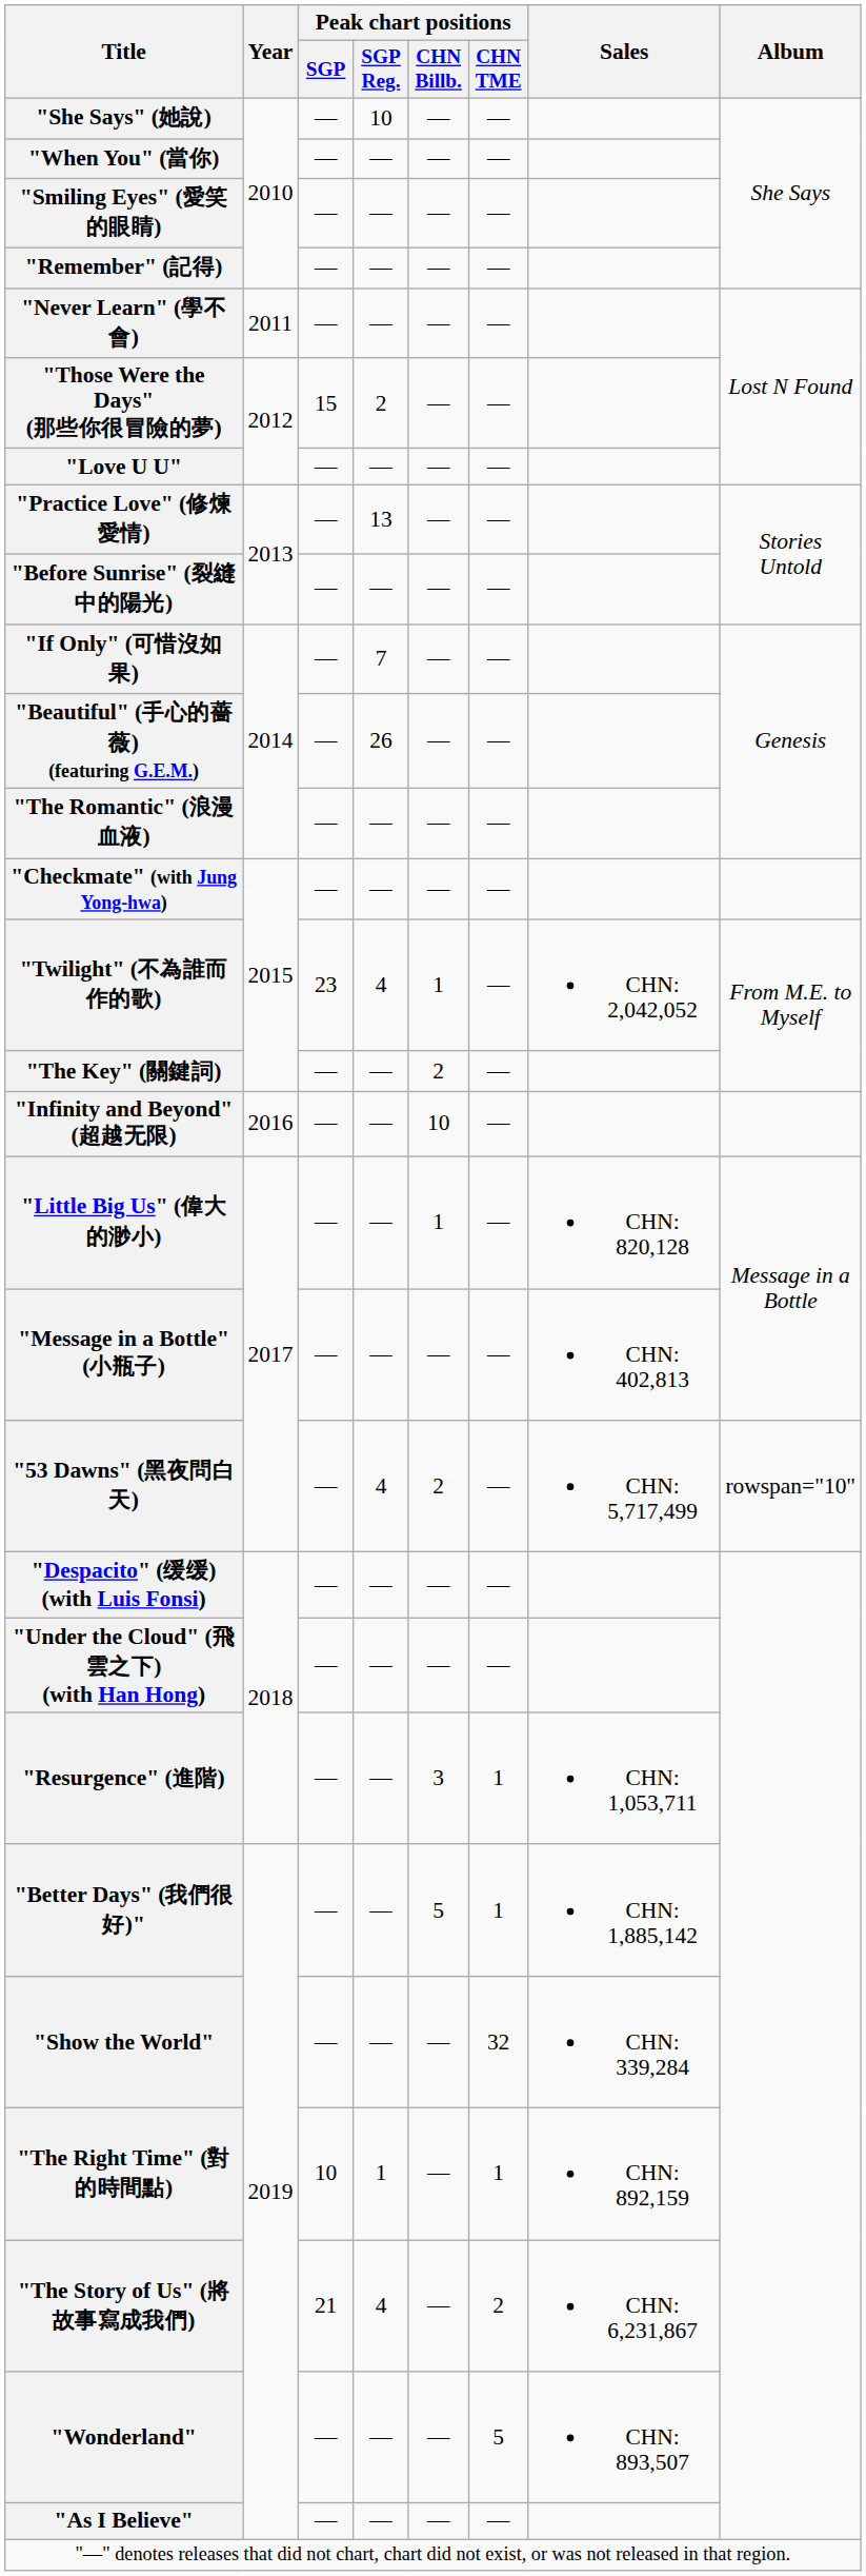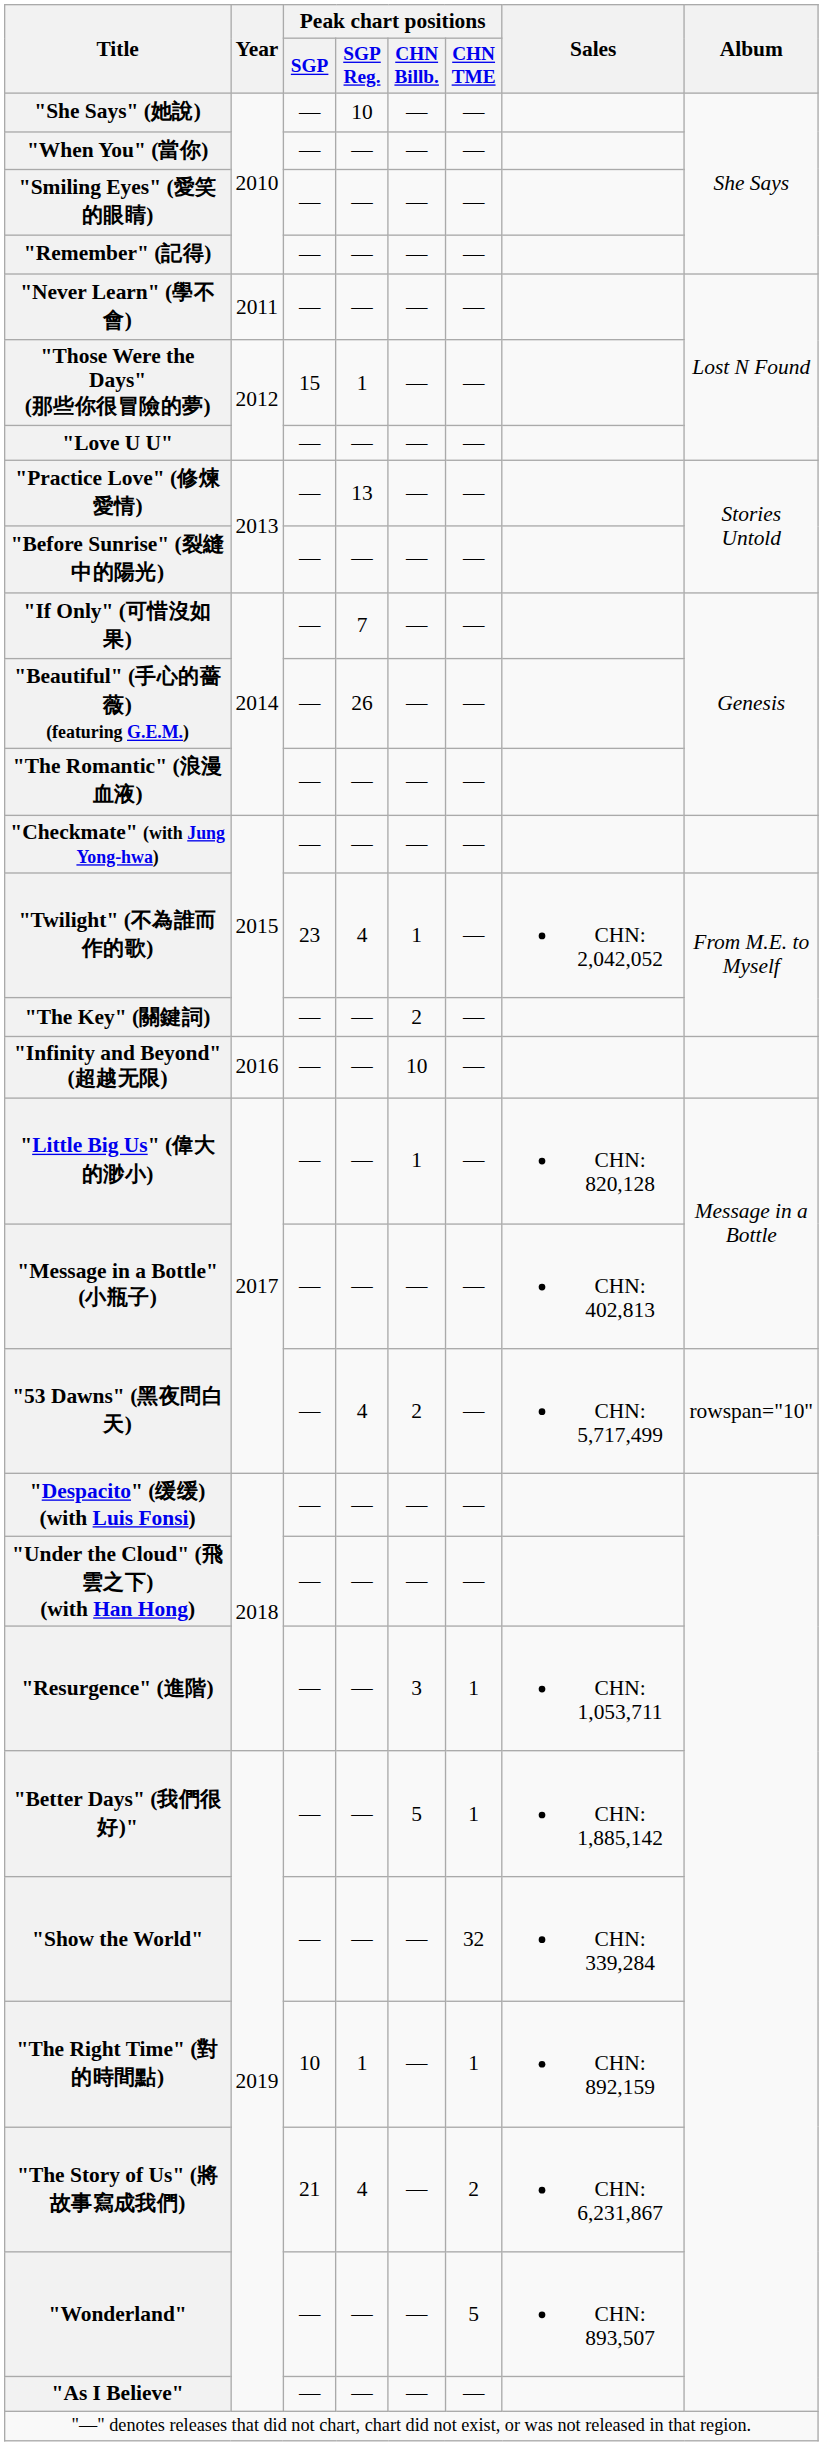 <table class="wikitable plainrowheaders" style="text-align:center;">
 <tr>
 <th rowspan="2" scope="col" style="width:17em;">Title</th>
 <th rowspan="2">Year</th>
 <th colspan="4">Peak chart positions</th>
 <th rowspan="2" scope="col" style="width:11em;">Sales</th>
 <th rowspan="2">Album</th>
 </tr>
 <tr>
 <th scope="col" style="width:2.85em;font-size:90%;"><a href='#'>SGP</a><br></th>
 <th scope="col" style="width:2.85em;font-size:90%;"><a href='#'>SGP Reg.</a><br></th>
 <th scope="col" style="width:2.85em;font-size:90%;"><a href='#'>CHN Billb.</a><br></th>
 <th scope="col" style="width:2.85em;font-size:90%;"><a href='#'>CHN TME</a><br></th>
 </tr>
 <tr>
 <th scope="row">"She Says" (她說)</th>
 <td rowspan="4">2010</td>
 <td>—</td>
 <td>10</td>
 <td>—</td>
 <td>—</td>
 <td></td>
 <td rowspan="4"><em>She Says</em></td>
 </tr>
 <tr>
 <th scope="row">"When You" (當你)</th>
 <td>—</td>
 <td>—</td>
 <td>—</td>
 <td>—</td>
 <td></td>
 </tr>
 <tr>
 <th scope="row">"Smiling Eyes" (愛笑的眼睛)</th>
 <td>—</td>
 <td>—</td>
 <td>—</td>
 <td>—</td>
 <td></td>
 </tr>
 <tr>
 <th scope="row">"Remember" (記得)</th>
 <td>—</td>
 <td>—</td>
 <td>—</td>
 <td>—</td>
 <td></td>
 </tr>
 <tr>
 <th scope="row">"Never Learn" (學不會)</th>
 <td>2011</td>
 <td>—</td>
 <td>—</td>
 <td>—</td>
 <td>—</td>
 <td></td>
 <td rowspan="3"><em>Lost N Found</em></td>
 </tr>
 <tr>
 <th scope="row">"Those Were the Days"<br>(那些你很冒險的夢)</th>
 <td rowspan="2">2012</td>
 <td>15</td>
-<td>2</td>
+<td>1</td>
 <td>—</td>
 <td>—</td>
 <td></td>
 </tr>
 <tr>
 <th scope="row">"Love U U"</th>
 <td>—</td>
 <td>—</td>
 <td>—</td>
 <td>—</td>
 <td></td>
 </tr>
 <tr>
 <th scope="row">"Practice Love" (修煉愛情)</th>
 <td rowspan="2">2013</td>
 <td>—</td>
 <td>13</td>
 <td>—</td>
 <td>—</td>
 <td></td>
 <td rowspan="2"><em>Stories Untold</em></td>
 </tr>
 <tr>
 <th scope="row">"Before Sunrise" (裂縫中的陽光)</th>
 <td>—</td>
 <td>—</td>
 <td>—</td>
 <td>—</td>
 <td></td>
 </tr>
 <tr>
 <th scope="row">"If Only" (可惜沒如果)</th>
 <td rowspan="3">2014</td>
 <td>—</td>
 <td>7</td>
 <td>—</td>
 <td>—</td>
 <td></td>
 <td rowspan="3"><em>Genesis</em></td>
 </tr>
 <tr>
 <th scope="row">"Beautiful" (手心的薔薇)<br><small>(featuring <a href='#'>G.E.M.</a>)</small></th>
 <td>—</td>
 <td>26</td>
 <td>—</td>
 <td>—</td>
 <td></td>
 </tr>
 <tr>
 <th scope="row">"The Romantic" (浪漫血液)</th>
 <td>—</td>
 <td>—</td>
 <td>—</td>
 <td>—</td>
 <td></td>
 </tr>
 <tr>
 <th scope="row">"Checkmate" <small>(with <a href='#'>Jung Yong-hwa</a>)</small></th>
 <td rowspan="3">2015</td>
 <td>—</td>
 <td>—</td>
 <td>—</td>
 <td>—</td>
 <td></td>
 <td></td>
 </tr>
 <tr>
 <th scope="row">"Twilight" (不為誰而作的歌)</th>
 <td>23</td>
 <td>4</td>
 <td>1</td>
 <td>—</td>
 <td><br><ul><li>CHN: 2,042,052</li></ul></td>
 <td rowspan="2"><em>From M.E. to Myself</em></td>
 </tr>
 <tr>
 <th scope="row">"The Key" (關鍵詞)</th>
 <td>—</td>
 <td>—</td>
 <td>2</td>
 <td>—</td>
 <td></td>
 </tr>
 <tr>
 <th scope="row">"Infinity and Beyond" (超越无限)</th>
 <td>2016</td>
 <td>—</td>
 <td>—</td>
 <td>10</td>
 <td>—</td>
 <td></td>
 <td></td>
 </tr>
 <tr>
 <th scope="row">"<a href='#'>Little Big Us</a>" (偉大的渺小)</th>
 <td rowspan="3">2017</td>
 <td>—</td>
 <td>—</td>
 <td>1</td>
 <td>—</td>
 <td><br><ul><li>CHN: 820,128</li></ul></td>
 <td rowspan="2"><em>Message in a Bottle</em></td>
 </tr>
 <tr>
 <th scope="row">"Message in a Bottle" (小瓶子)</th>
 <td>—</td>
 <td>—</td>
 <td>—</td>
 <td>—</td>
 <td><br><ul><li>CHN: 402,813</li></ul></td>
 </tr>
 <tr>
 <th scope="row">"53 Dawns" (黑夜問白天)</th>
 <td>—</td>
 <td>4</td>
 <td>2</td>
 <td>—</td>
 <td><br><ul><li>CHN: 5,717,499</li></ul></td>
 <td>rowspan="10" </td>
 </tr>
 <tr>
 <th scope="row">"<a href='#'>Despacito</a>" (缓缓) <span>(with <a href='#'>Luis Fonsi</a>)</span></th>
 <td rowspan="3">2018</td>
 <td>—</td>
 <td>—</td>
 <td>—</td>
 <td>—</td>
 <td></td>
 </tr>
 <tr>
 <th scope="row">"Under the Cloud" (飛雲之下) <br><span>(with <a href='#'>Han Hong</a>)</span></th>
 <td>—</td>
 <td>—</td>
 <td>—</td>
 <td>—</td>
 <td></td>
 </tr>
 <tr>
 <th scope="row">"Resurgence" (進階)</th>
 <td>—</td>
 <td>—</td>
 <td>3</td>
 <td>1</td>
 <td><br><ul><li>CHN: 1,053,711</li></ul></td>
 </tr>
 <tr>
 <th scope="row">"Better Days" (我們很好)"</th>
 <td rowspan="6">2019</td>
 <td>—</td>
 <td>—</td>
 <td>5</td>
 <td>1</td>
 <td><br><ul><li>CHN: 1,885,142</li></ul></td>
 </tr>
 <tr>
 <th scope="row">"Show the World"</th>
 <td>—</td>
 <td>—</td>
 <td>—</td>
 <td>32</td>
 <td><br><ul><li>CHN: 339,284</li></ul></td>
 </tr>
 <tr>
 <th scope="row">"The Right Time" (對的時間點)</th>
 <td>10</td>
 <td>1</td>
 <td>—</td>
 <td>1</td>
 <td><br><ul><li>CHN: 892,159</li></ul></td>
 </tr>
 <tr>
 <th scope="row">"The Story of Us" (將故事寫成我們)</th>
 <td>21</td>
 <td>4</td>
 <td>—</td>
 <td>2</td>
 <td><br><ul><li>CHN: 6,231,867</li></ul></td>
 </tr>
 <tr>
 <th scope="row">"Wonderland"</th>
 <td>—</td>
 <td>—</td>
 <td>—</td>
 <td>5</td>
 <td><br><ul><li>CHN: 893,507</li></ul></td>
 </tr>
 <tr>
 <th scope="row">"As I Believe"</th>
 <td>—</td>
 <td>—</td>
 <td>—</td>
 <td>—</td>
 <td></td>
 </tr>
 <tr>
 <td colspan="8" style="font-size:85%">"—" denotes releases that did not chart, chart did not exist, or was not released in that region.</td>
 </tr>
 </table>
